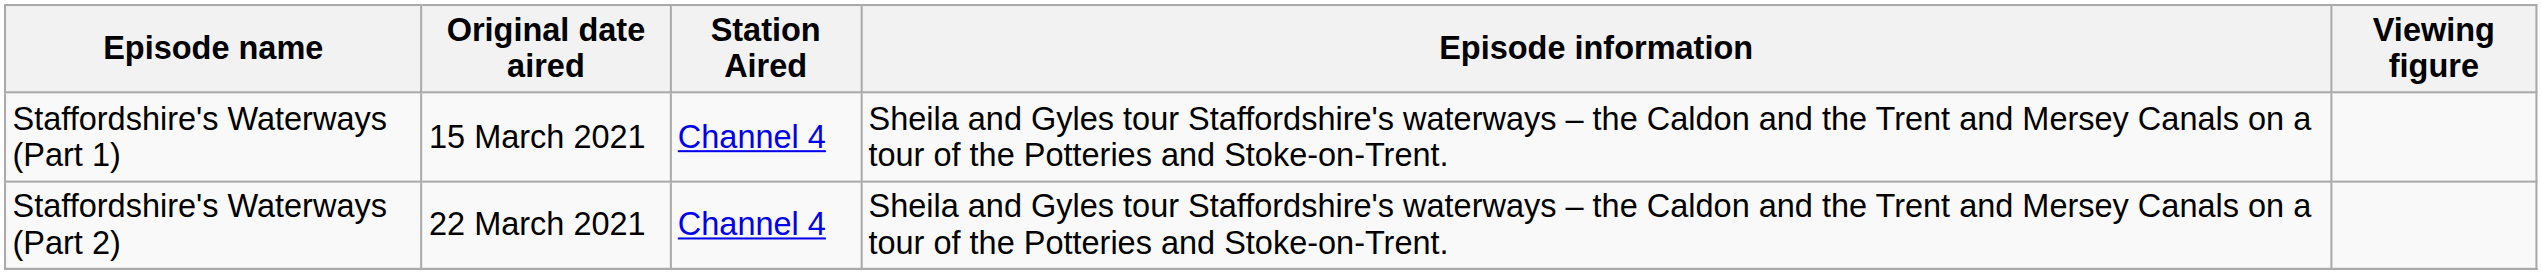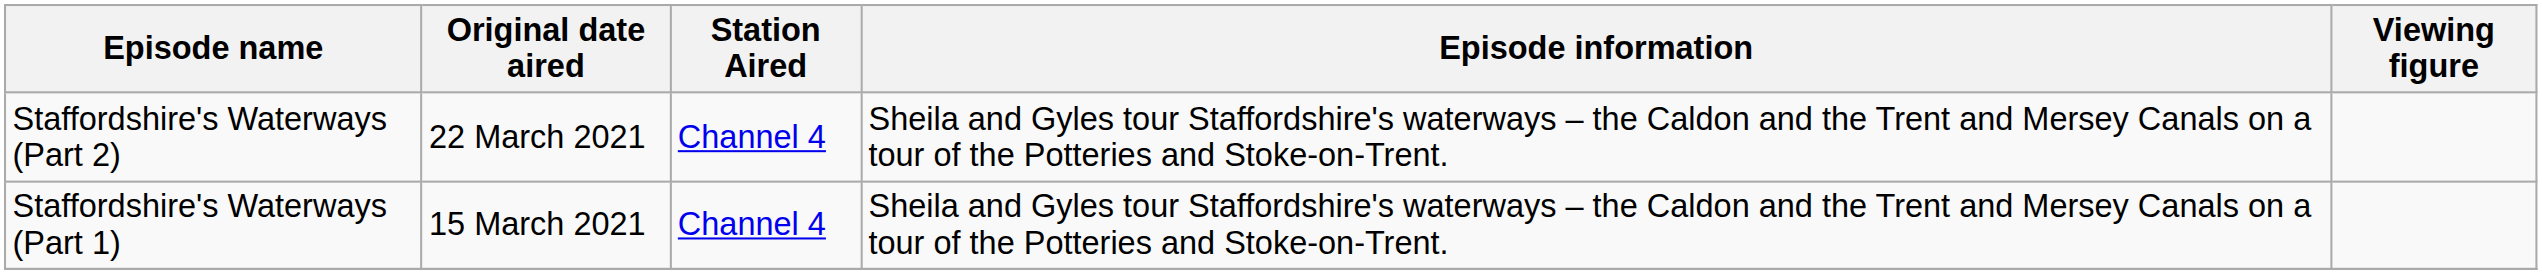 <table class="wikitable sortable">
 <tr>
 <th>Episode name</th>
 <th>Original date aired</th>
 <th>Station Aired</th>
 <th>Episode information</th>
 <th>Viewing figure</th>
 </tr>
 <tr>
+<td>Staffordshire's Waterways (Part 2)</td>
+<td>22 March 2021</td>
+<td><a href='#'>Channel 4</a></td>
+<td>Sheila and Gyles tour Staffordshire's waterways – the Caldon and the Trent and Mersey Canals on a tour of the Potteries and Stoke-on-Trent.</td>
+<td></td>
+</tr>
+<tr>
 <td>Staffordshire's Waterways (Part 1)</td>
 <td>15 March 2021</td>
 <td><a href='#'>Channel 4</a></td>
 <td>Sheila and Gyles tour Staffordshire's waterways – the Caldon and the Trent and Mersey Canals on a tour of the Potteries and Stoke-on-Trent.</td>
 <td></td>
 </tr>
 <tr>
-<td>Staffordshire's Waterways (Part 2)</td>
-<td>22 March 2021</td>
-<td><a href='#'>Channel 4</a></td>
-<td>Sheila and Gyles tour Staffordshire's waterways – the Caldon and the Trent and Mersey Canals on a tour of the Potteries and Stoke-on-Trent.</td>
-<td></td>
-</tr>
-<tr>
 </tr>
 </table>
